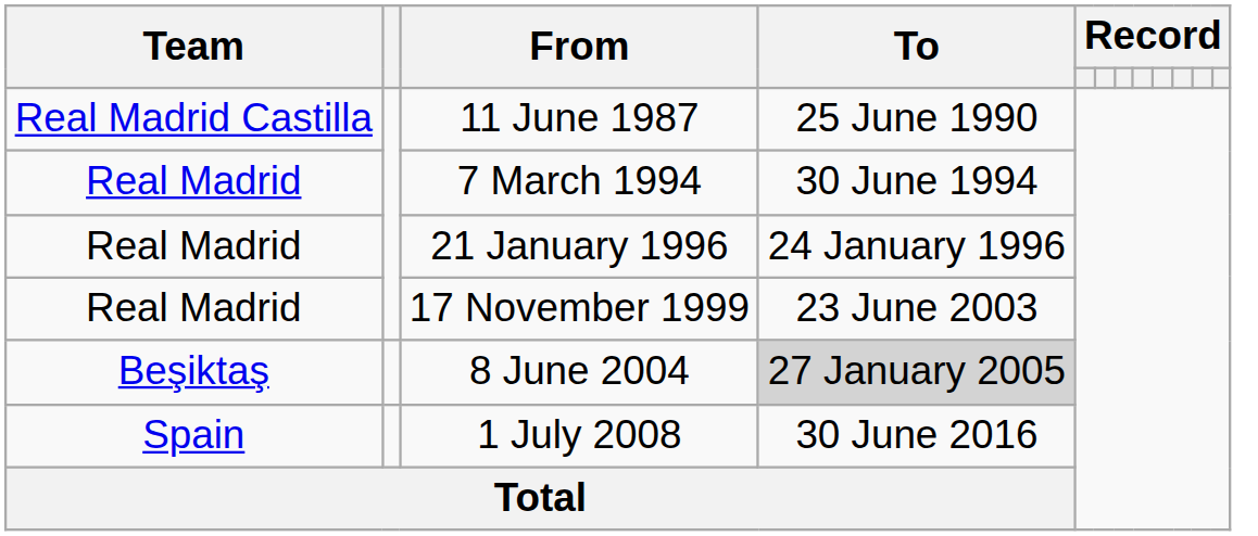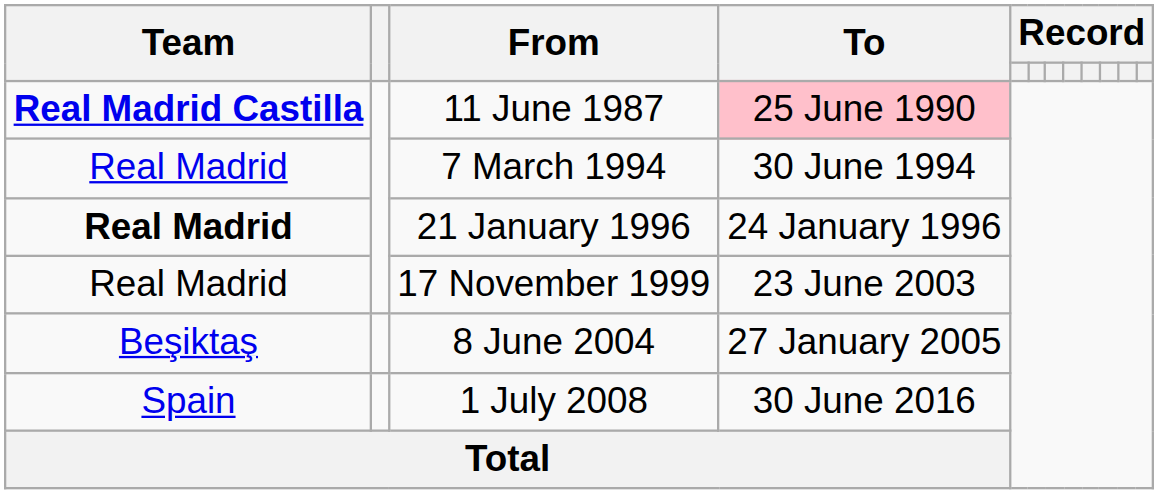 <table class="wikitable" style="text-align: center">
 <tr>
 <th rowspan="2">Team</th>
 <th rowspan="2"></th>
 <th rowspan="2">From</th>
 <th rowspan="2">To</th>
 <th colspan="8">Record</th>
 </tr>
 <tr>
 <th></th>
 <th></th>
 <th></th>
 <th></th>
 <th></th>
 <th></th>
 <th></th>
 <th></th>
 </tr>
 <tr>
-<td><a href='#'>Real Madrid Castilla</a></td>
+<td><strong><a href='#'>Real Madrid Castilla</a></strong></td>
 <td rowspan=4></td>
 <td>11 June 1987</td>
-<td>25 June 1990<br></td>
+<td style="background: pink;">25 June 1990<br></td>
 </tr>
 <tr>
 <td><a href='#'>Real Madrid</a></td>
 <td>7 March 1994</td>
 <td>30 June 1994<br></td>
 </tr>
 <tr>
-<td>Real Madrid</td>
+<td><strong>Real Madrid</strong></td>
 <td>21 January 1996</td>
 <td>24 January 1996<br></td>
 </tr>
 <tr>
 <td>Real Madrid</td>
 <td>17 November 1999</td>
 <td>23 June 2003<br></td>
 </tr>
 <tr>
 <td><a href='#'>Beşiktaş</a></td>
 <td></td>
 <td>8 June 2004</td>
-<td style="background: lightgrey;">27 January 2005<br></td>
+<td>27 January 2005<br></td>
 </tr>
 <tr>
 <td><a href='#'>Spain</a></td>
 <td></td>
 <td>1 July 2008</td>
 <td>30 June 2016<br></td>
 </tr>
 <tr>
 <th colspan="4">Total<br></th>
 </tr>
 </table>
